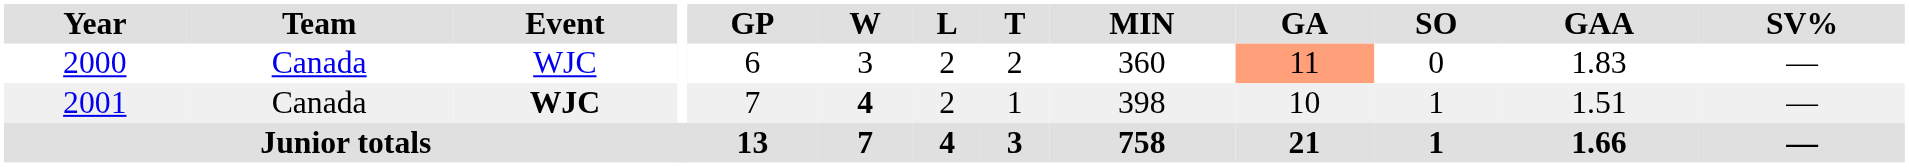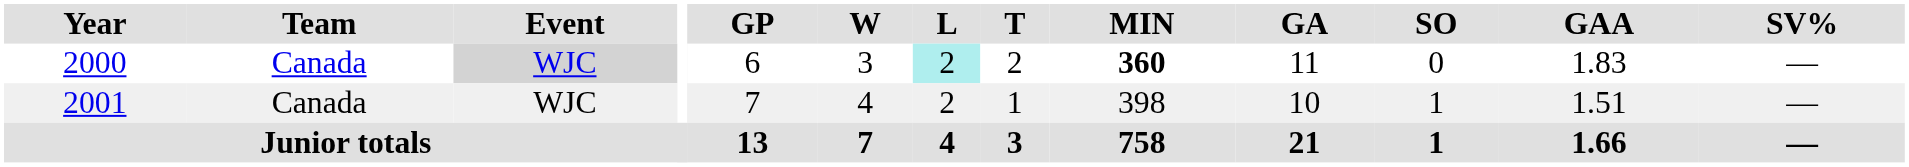 <table border="0" cellpadding="1" cellspacing="0" ID="Table3" style="text-align:center; width:60em">
 <tr ALIGN="center" bgcolor="#e0e0e0">
 <th>Year</th>
 <th>Team</th>
 <th>Event</th>
 <th rowspan="99" bgcolor="#ffffff"></th>
 <th>GP</th>
 <th>W</th>
 <th>L</th>
 <th>T</th>
 <th>MIN</th>
 <th>GA</th>
 <th>SO</th>
 <th>GAA</th>
 <th>SV%</th>
 </tr>
 <tr>
 <td><a href='#'>2000</a></td>
 <td><a href='#'>Canada</a></td>
-<td><a href='#'>WJC</a></td>
+<td style="background: lightgrey;"><a href='#'>WJC</a></td>
 <td>6</td>
 <td>3</td>
+<td style="background: paleturquoise;">2</td>
 <td>2</td>
-<td>2</td>
-<td>360</td>
-<td style="background: lightsalmon;">11</td>
+<td><strong>360</strong></td>
+<td>11</td>
 <td>0</td>
 <td>1.83</td>
 <td>—</td>
 </tr>
 <tr bgcolor="#f0f0f0">
 <td><a href='#'>2001</a></td>
 <td>Canada</td>
-<td><strong>WJC</strong></td>
+<td>WJC</td>
 <td>7</td>
-<td><strong>4</strong></td>
+<td>4</td>
 <td>2</td>
 <td>1</td>
 <td>398</td>
 <td>10</td>
 <td>1</td>
 <td>1.51</td>
 <td>—</td>
 </tr>
 <tr bgcolor="#e0e0e0">
 <th colspan=4>Junior totals</th>
 <th>13</th>
 <th>7</th>
 <th>4</th>
 <th>3</th>
 <th>758</th>
 <th>21</th>
 <th>1</th>
 <th>1.66</th>
 <th>—</th>
 </tr>
 </table>
